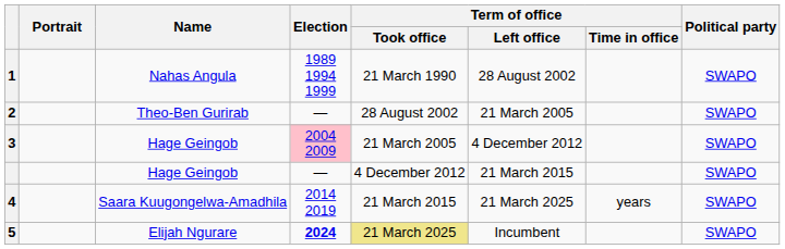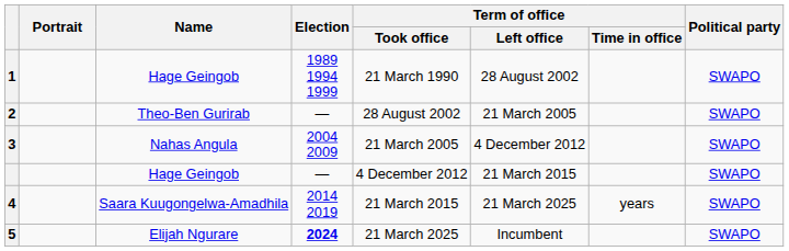 <table class="wikitable" style="text-align:center">
 <tr>
 <th rowspan="2"></th>
 <th rowspan="2" style="width:80px;">Portrait</th>
 <th rowspan="2">Name<br></th>
 <th rowspan="2">Election</th>
 <th colspan="3">Term of office</th>
 <th rowspan="2">Political party</th>
 </tr>
 <tr>
 <th>Took office</th>
 <th>Left office</th>
 <th>Time in office</th>
 </tr>
 <tr>
 <th style="background:">1</th>
 <td></td>
-<td><a href='#'>Nahas Angula</a><br></td>
+<td><a href='#'>Hage Geingob</a><br></td>
 <td><a href='#'>1989</a><br><a href='#'>1994</a><br><a href='#'>1999</a></td>
 <td>21 March 1990</td>
 <td>28 August 2002</td>
 <td></td>
 <td><a href='#'>SWAPO</a></td>
 </tr>
 <tr>
 <th style="background:">2</th>
 <td></td>
 <td><a href='#'>Theo-Ben Gurirab</a><br></td>
 <td>—</td>
 <td>28 August 2002</td>
 <td>21 March 2005</td>
 <td></td>
 <td><a href='#'>SWAPO</a></td>
 </tr>
 <tr>
 <th style="background:">3</th>
 <td></td>
-<td><a href='#'>Hage Geingob</a><br></td>
-<td style="background: pink;"><a href='#'>2004</a><br><a href='#'>2009</a></td>
+<td><a href='#'>Nahas Angula</a><br></td>
+<td><a href='#'>2004</a><br><a href='#'>2009</a></td>
 <td>21 March 2005</td>
 <td>4 December 2012</td>
 <td></td>
 <td><a href='#'>SWAPO</a></td>
 </tr>
 <tr>
 <th style="background:"></th>
 <td></td>
 <td><a href='#'>Hage Geingob</a><br></td>
 <td>—</td>
 <td>4 December 2012</td>
 <td>21 March 2015</td>
 <td></td>
 <td><a href='#'>SWAPO</a></td>
 </tr>
 <tr>
 <th style="background:">4</th>
 <td></td>
 <td><a href='#'>Saara Kuugongelwa-Amadhila</a><br></td>
 <td><a href='#'>2014</a><br><a href='#'>2019</a></td>
 <td>21 March 2015</td>
 <td>21 March 2025</td>
 <td> years</td>
 <td><a href='#'>SWAPO</a></td>
 </tr>
 <tr>
 <th style="background:">5</th>
 <td></td>
 <td><a href='#'>Elijah Ngurare</a><br></td>
 <td><strong><a href='#'>2024</a></strong></td>
-<td style="background: khaki;">21 March 2025</td>
+<td>21 March 2025</td>
 <td>Incumbent</td>
 <td></td>
 <td><a href='#'>SWAPO</a></td>
 </tr>
 </table>
